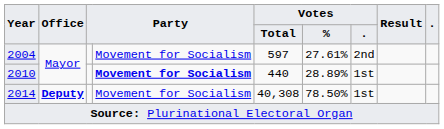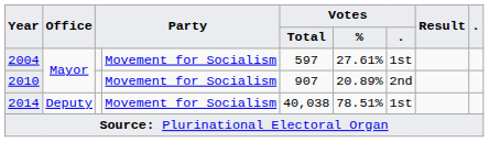 <table class="wikitable" style="font-size:90%; text-align:center;">
 <tr>
 <th style="background-color:#EAECF0;" rowspan=2>Year</th>
 <th style="background-color:#EAECF0;" rowspan=2>Office</th>
 <th style="background-color:#EAECF0;" colspan=2 rowspan=2>Party</th>
 <th style="background-color:#EAECF0;" colspan=3>Votes</th>
 <th style="background-color:#EAECF0;" rowspan=2>Result</th>
 <th style="background-color:#EAECF0;" rowspan=2>.</th>
 </tr>
 <tr>
 <th style="background-color:#EAECF0;">Total</th>
 <th style="background-color:#EAECF0;">%</th>
 <th style="background-color:#EAECF0;">.</th>
 </tr>
 <tr>
 <td style="background-color:#EAECF0;"><a href='#'>2004</a></td>
 <td rowspan=2><a href='#'>Mayor</a></td>
 <td style="background-color:"></td>
 <td><a href='#'>Movement for Socialism</a></td>
 <td>597</td>
 <td>27.61%</td>
-<td>2nd</td>
+<td>1st</td>
 <td></td>
 <td></td>
 </tr>
 <tr>
 <td style="background-color:#EAECF0;"><a href='#'>2010</a></td>
 <td style="background-color:"></td>
-<td><strong><a href='#'>Movement for Socialism</a></strong></td>
-<td>440</td>
-<td>28.89%</td>
-<td>1st</td>
+<td><a href='#'>Movement for Socialism</a></td>
+<td>907</td>
+<td>20.89%</td>
+<td>2nd</td>
 <td></td>
 <td></td>
 </tr>
 <tr>
 <td style="background-color:#EAECF0;"><a href='#'>2014</a></td>
-<td><strong><a href='#'>Deputy</a></strong></td>
+<td><a href='#'>Deputy</a></td>
 <td style="background-color:"></td>
 <td><a href='#'>Movement for Socialism</a></td>
-<td>40,308</td>
-<td>78.50%</td>
+<td>40,038</td>
+<td>78.51%</td>
 <td>1st</td>
 <td></td>
 <td></td>
 </tr>
 <tr>
 <td style="background-color:#EAECF0;" colspan=9><strong>Source:</strong> <a href='#'>Plurinational Electoral Organ</a>  </td>
 </tr>
 </table>
